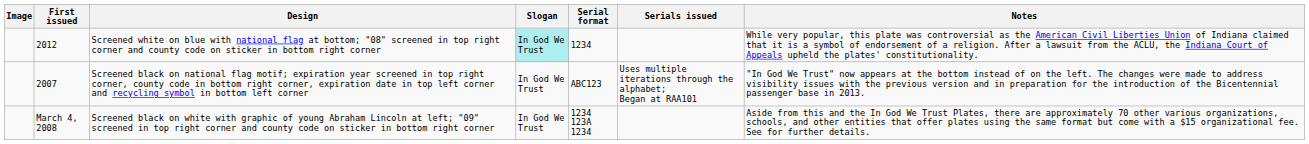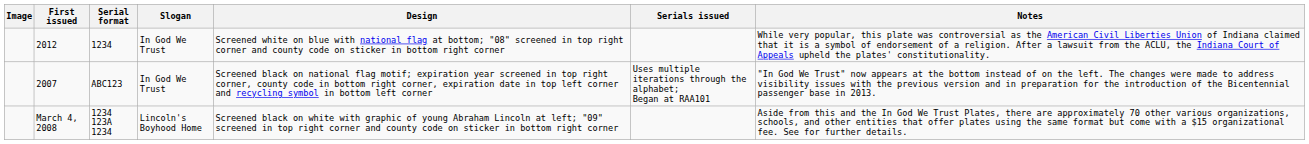 <table class="wikitable">
 <tr>
 <th>Image</th>
 <th>First issued</th>
+<th>Serial format</th>
+<th>Slogan</th>
 <th>Design</th>
-<th>Slogan</th>
-<th>Serial format</th>
 <th>Serials issued</th>
 <th>Notes</th>
 </tr>
 <tr>
 <td></td>
 <td>2012</td>
+<td>1234</td>
+<td>In God We Trust</td>
 <td>Screened white on blue with <a href='#'>national flag</a> at bottom; "08" screened in top right corner and county code on sticker in bottom right corner</td>
-<td style="background: paleturquoise;">In God We Trust</td>
-<td>1234</td>
 <td></td>
 <td>While very popular, this plate was controversial as the <a href='#'>American Civil Liberties Union</a> of Indiana claimed that it is a symbol of endorsement of a religion. After a lawsuit from the ACLU, the <a href='#'>Indiana Court of Appeals</a> upheld the plates' constitutionality.</td>
 </tr>
 <tr>
 <td></td>
 <td>2007</td>
+<td>ABC123</td>
+<td>In God We Trust</td>
 <td>Screened black on national flag motif; expiration year screened in top right corner, county code in bottom right corner, expiration date in top left corner and <a href='#'>recycling symbol</a> in bottom left corner</td>
-<td>In God We Trust</td>
-<td>ABC123</td>
 <td>Uses multiple iterations through the alphabet;<br>Began at RAA101</td>
 <td>"In God We Trust" now appears at the bottom instead of on the left. The changes were made to address visibility issues with the previous version and in preparation for the introduction of the Bicentennial passenger base in 2013.</td>
 </tr>
 <tr>
 <td></td>
 <td>March 4, 2008</td>
+<td>1234<br>123A<br>1234</td>
+<td>Lincoln's Boyhood Home</td>
 <td>Screened black on white with graphic of young Abraham Lincoln at left; "09" screened in top right corner and county code on sticker in bottom right corner</td>
-<td>In God We Trust</td>
-<td>1234<br>123A<br>1234</td>
 <td></td>
 <td>Aside from this and the In God We Trust Plates, there are approximately 70 other various organizations, schools, and other entities that offer plates using the same format but come with a $15 organizational fee. See  for further details.</td>
 </tr>
 </table>
